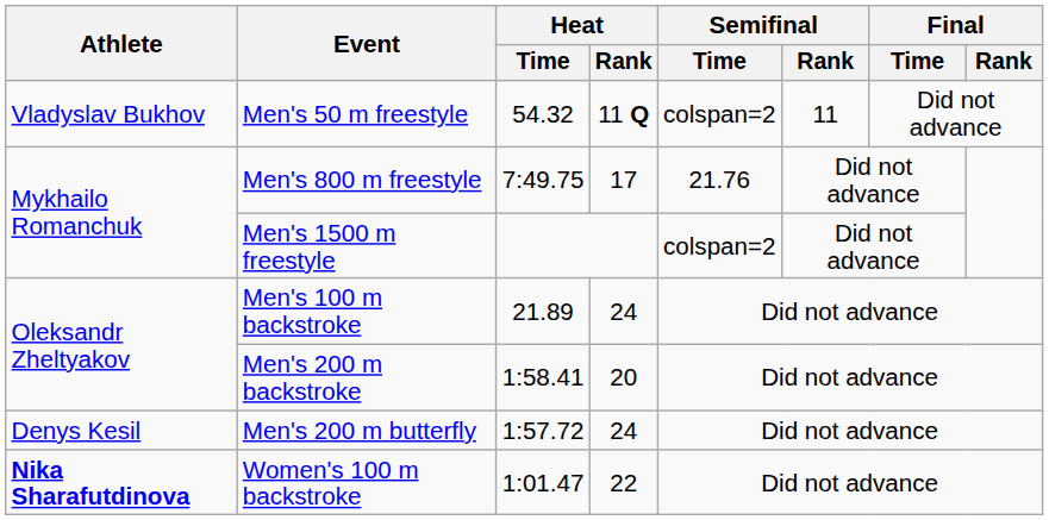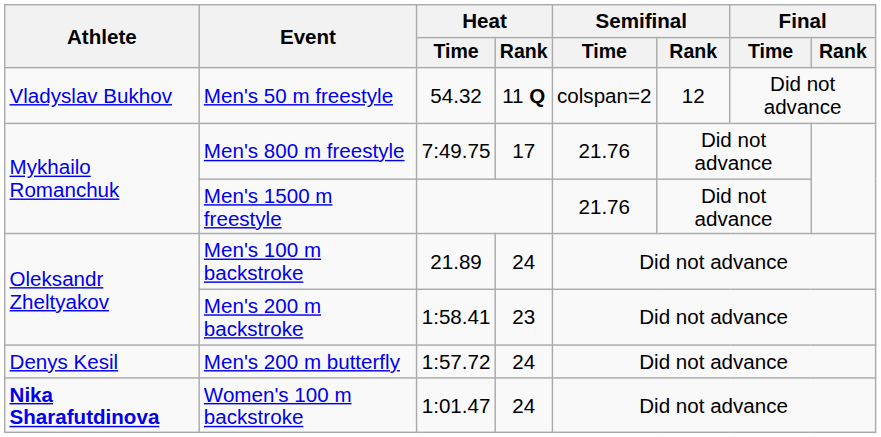 <table class=wikitable style="font-size:90%;">
 <tr>
 <th rowspan=2>Athlete</th>
 <th rowspan=2>Event</th>
 <th colspan=2>Heat</th>
 <th colspan=2>Semifinal</th>
 <th colspan=2>Final</th>
 </tr>
 <tr style="font-size:95%">
 <th>Time</th>
 <th>Rank</th>
 <th>Time</th>
 <th>Rank</th>
 <th>Time</th>
 <th>Rank</th>
 </tr>
 <tr align=center>
 <td align=left><a href='#'>Vladyslav Bukhov</a></td>
 <td align=left><a href='#'>Men's 50 m freestyle</a></td>
 <td>54.32</td>
 <td>11 <strong>Q</strong></td>
 <td>colspan=2 </td>
-<td>11</td>
+<td>12</td>
 <td colspan=2>Did not advance</td>
 </tr>
 <tr align=center>
 <td align=left rowspan=2><a href='#'>Mykhailo Romanchuk</a></td>
 <td align=left><a href='#'>Men's 800 m freestyle</a></td>
 <td>7:49.75</td>
 <td>17</td>
 <td>21.76</td>
 <td colspan=2>Did not advance</td>
 </tr>
 <tr align=center>
 <td align=left><a href='#'>Men's 1500 m freestyle</a></td>
 <td colspan=2></td>
-<td>colspan=2 </td>
+<td>21.76</td>
 <td colspan=2>Did not advance</td>
 </tr>
 <tr align=center>
 <td align=left rowspan=2><a href='#'>Oleksandr Zheltyakov</a></td>
 <td align=left><a href='#'>Men's 100 m backstroke</a></td>
 <td>21.89</td>
 <td>24</td>
 <td colspan=4>Did not advance</td>
 </tr>
 <tr align=center>
 <td align=left><a href='#'>Men's 200 m backstroke</a></td>
 <td>1:58.41</td>
-<td>20</td>
+<td>23</td>
 <td colspan=4>Did not advance</td>
 </tr>
 <tr align=center>
 <td align=left><a href='#'>Denys Kesil</a></td>
 <td align=left><a href='#'>Men's 200 m butterfly</a></td>
 <td>1:57.72</td>
 <td>24</td>
 <td colspan=4>Did not advance</td>
 </tr>
 <tr align=center>
 <td align=left><strong><a href='#'>Nika Sharafutdinova</a></strong></td>
 <td align=left><a href='#'>Women's 100 m backstroke</a></td>
 <td>1:01.47</td>
-<td>22</td>
+<td>24</td>
 <td colspan=4>Did not advance</td>
 </tr>
 </table>
